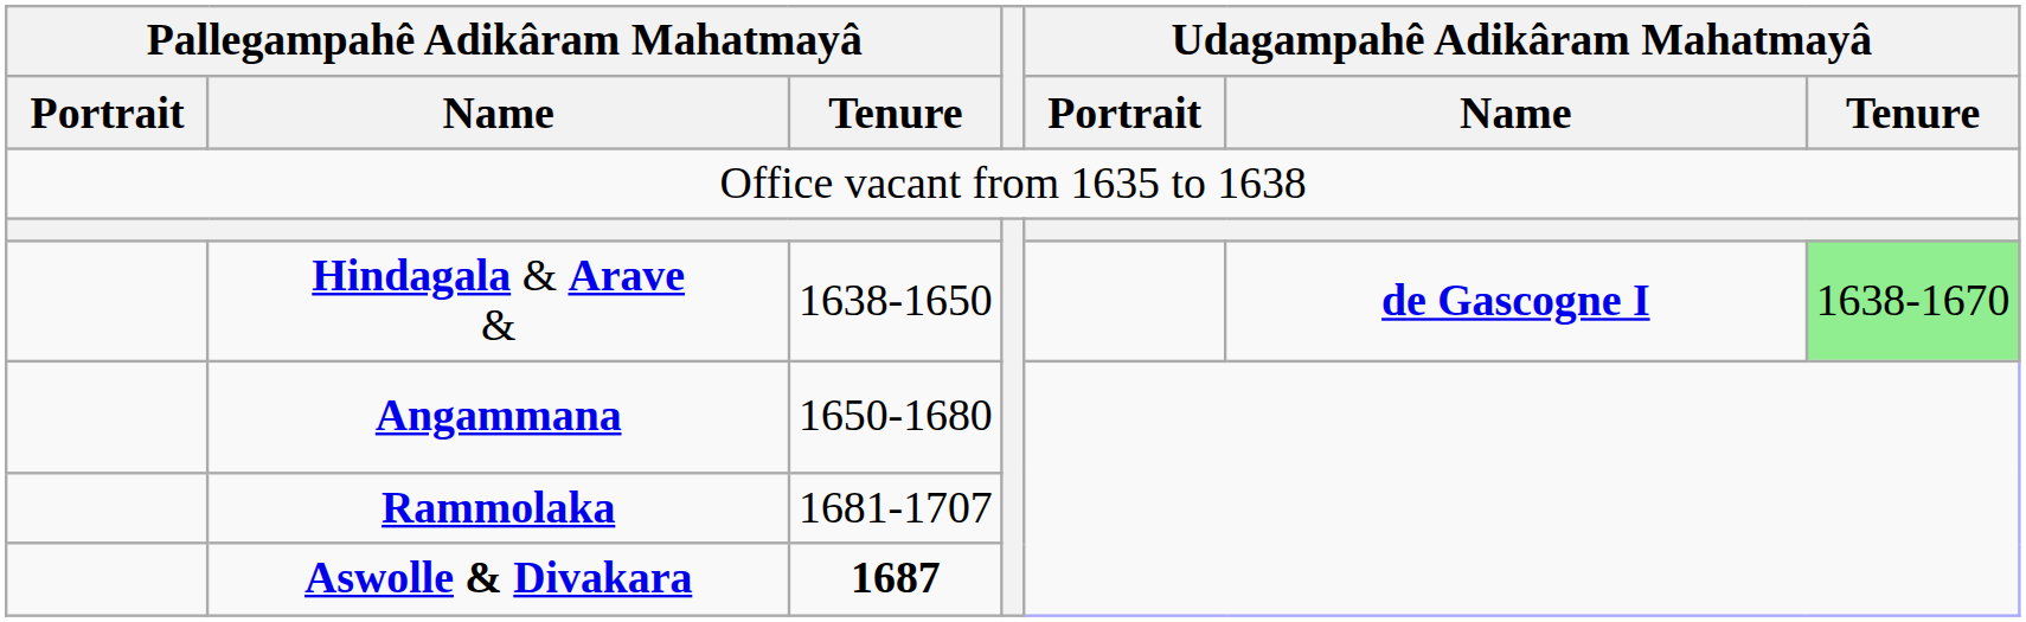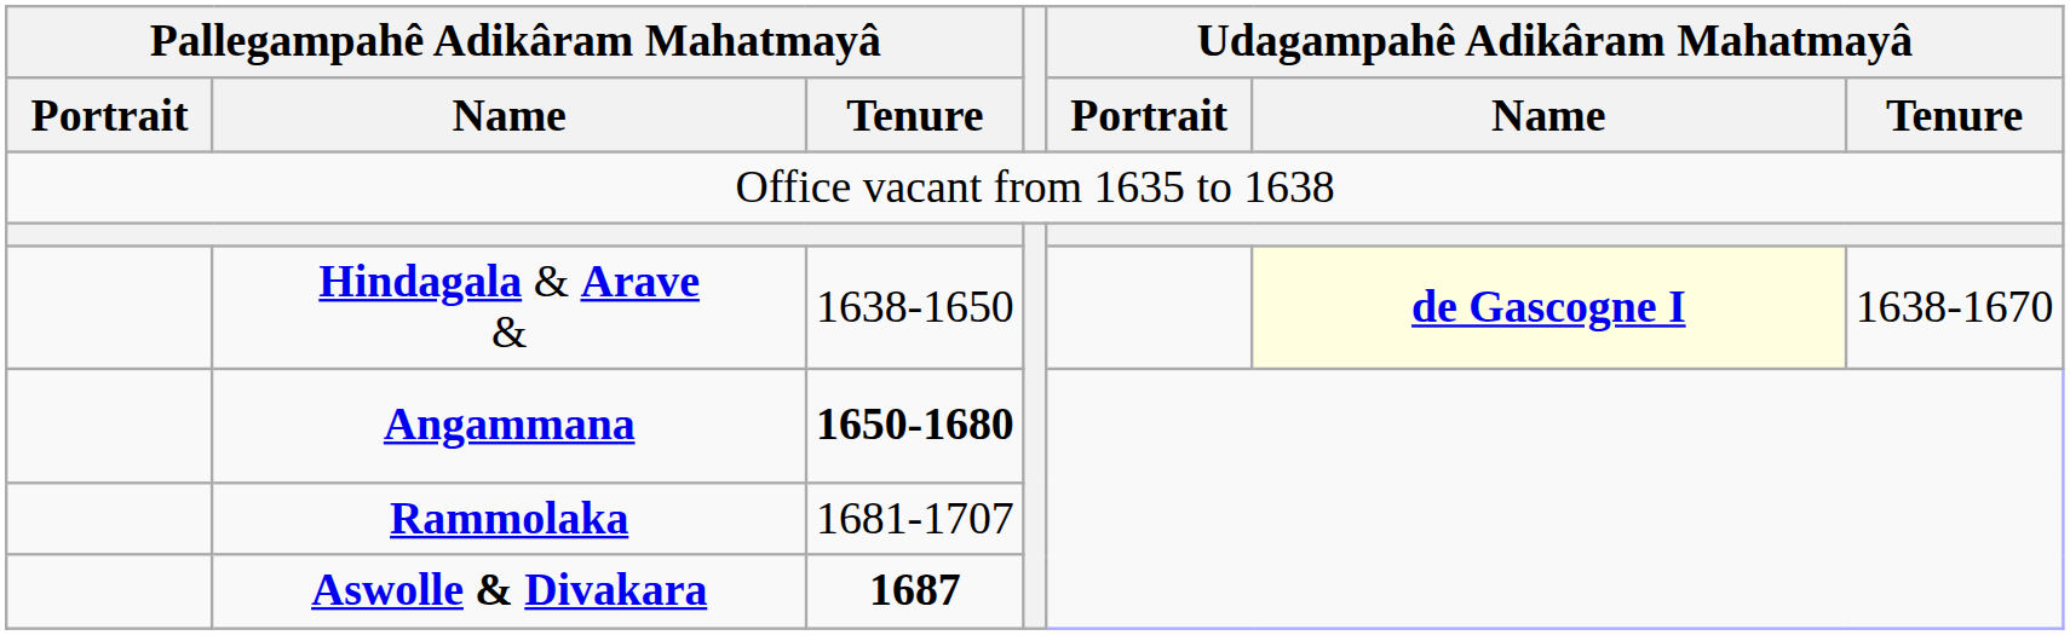 <table class="wikitable" style="text-align:center; border:1px #aaf solid;">
 <tr>
 <th colspan="3">Pallegampahê Adikâram Mahatmayâ</th>
 <th rowspan="2"></th>
 <th colspan="3">Udagampahê Adikâram Mahatmayâ</th>
 </tr>
 <tr>
 <th>Portrait</th>
 <th width="200">Name<br></th>
 <th>Tenure</th>
 <th>Portrait</th>
 <th width="200">Name<br></th>
 <th>Tenure</th>
 </tr>
 <tr>
 <td colspan="7">Office vacant from 1635 to 1638</td>
 </tr>
 <tr>
 <th colspan="3"></th>
 <th rowspan="5"></th>
 <th colspan="3"></th>
 </tr>
 <tr>
 <td width="65"></td>
 <td><strong><a href='#'>Hindagala</a></strong> & <strong><a href='#'>Arave</a></strong><br> & </td>
 <td class="nowrap">1638-1650</td>
 <td width="65"></td>
-<td><strong><a href='#'>de Gascogne I</a></strong><br></td>
-<td style="background: lightgreen;">1638-1670</td>
+<td style="background: lightyellow;"><strong><a href='#'>de Gascogne I</a></strong><br></td>
+<td>1638-1670</td>
 </tr>
 <tr style="height:40px;">
 <td width="65"></td>
 <td><strong><a href='#'>Angammana</a></strong><br></td>
-<td class="nowrap">1650-1680</td>
+<td class="nowrap"><strong>1650-1680</strong></td>
 </tr>
 <tr>
 <td width="65"></td>
 <td><strong><a href='#'>Rammolaka</a></strong><br></td>
 <td class="nowrap">1681-1707</td>
 </tr>
 <tr>
 <td width="65"></td>
 <td><strong><a href='#'>Aswolle</a> & <a href='#'>Divakara</a></strong><br></td>
 <td class="nowrap"><strong>1687</strong></td>
 </tr>
 </table>
